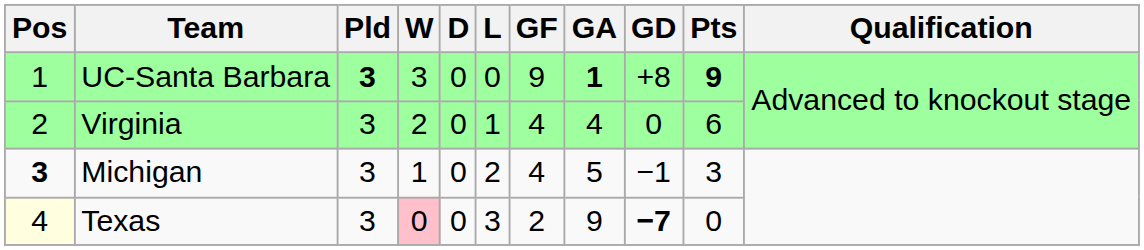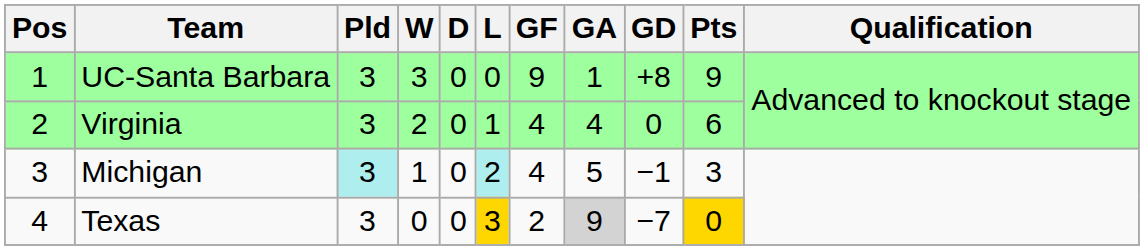 <table class="wikitable" style="text-align:center">
 <tr>
 <th>Pos</th>
 <th>Team</th>
 <th>Pld</th>
 <th>W</th>
 <th>D</th>
 <th>L</th>
 <th>GF</th>
 <th>GA</th>
 <th>GD</th>
 <th>Pts</th>
 <th>Qualification</th>
 </tr>
 <tr bgcolor="#9eff9e">
 <td>1</td>
 <td style="text-align:left">UC-Santa Barbara</td>
-<td><strong>3</strong></td>
+<td>3</td>
 <td>3</td>
 <td>0</td>
 <td>0</td>
 <td>9</td>
-<td><strong>1</strong></td>
+<td>1</td>
 <td>+8</td>
-<td><strong>9</strong></td>
+<td>9</td>
 <td rowspan="2">Advanced to knockout stage</td>
 </tr>
 <tr bgcolor="#9eff9e">
 <td>2</td>
 <td style="text-align:left">Virginia</td>
 <td>3</td>
 <td>2</td>
 <td>0</td>
 <td>1</td>
 <td>4</td>
 <td>4</td>
 <td>0</td>
 <td>6</td>
 </tr>
 <tr>
-<td><strong>3</strong></td>
+<td>3</td>
 <td style="text-align:left">Michigan</td>
-<td>3</td>
+<td style="background: paleturquoise;">3</td>
 <td>1</td>
 <td>0</td>
-<td>2</td>
+<td style="background: paleturquoise;">2</td>
 <td>4</td>
 <td>5</td>
 <td>−1</td>
 <td>3</td>
 <td rowspan="2"></td>
 </tr>
 <tr>
-<td style="background: lightyellow;">4</td>
+<td>4</td>
 <td style="text-align:left">Texas</td>
 <td>3</td>
-<td style="background: pink;">0</td>
 <td>0</td>
-<td>3</td>
+<td>0</td>
+<td style="background: gold;">3</td>
 <td>2</td>
-<td>9</td>
-<td><strong>−7</strong></td>
-<td>0</td>
+<td style="background: lightgrey;">9</td>
+<td>−7</td>
+<td style="background: gold;">0</td>
 </tr>
 </table>
